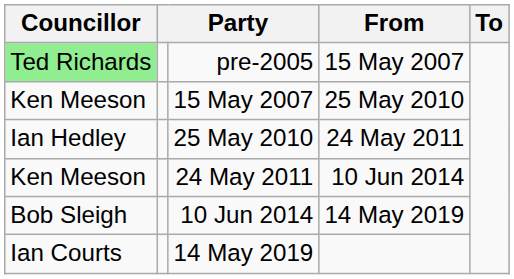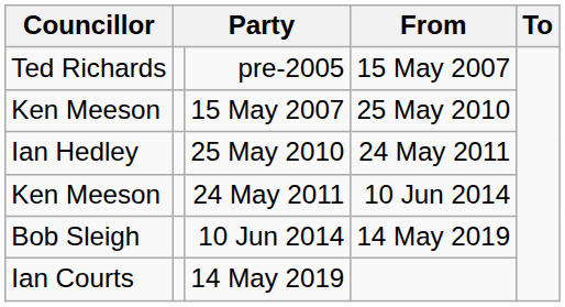 <table class=wikitable>
 <tr>
 <th>Councillor</th>
 <th colspan=2>Party</th>
 <th>From</th>
 <th>To</th>
 </tr>
 <tr>
-<td style="background: lightgreen;">Ted Richards</td>
+<td>Ted Richards</td>
 <td></td>
 <td align=right>pre-2005</td>
 <td align=right>15 May 2007</td>
 </tr>
 <tr>
 <td>Ken Meeson</td>
 <td></td>
 <td align=right>15 May 2007</td>
 <td align=right>25 May 2010</td>
 </tr>
 <tr>
 <td>Ian Hedley</td>
 <td></td>
 <td align=right>25 May 2010</td>
 <td align=right>24 May 2011</td>
 </tr>
 <tr>
 <td>Ken Meeson</td>
 <td></td>
 <td align=right>24 May 2011</td>
 <td align=right>10 Jun 2014</td>
 </tr>
 <tr>
 <td>Bob Sleigh</td>
 <td></td>
 <td align=right>10 Jun 2014</td>
 <td align=right>14 May 2019</td>
 </tr>
 <tr>
 <td>Ian Courts</td>
 <td></td>
 <td align=right>14 May 2019</td>
 <td align=right></td>
 </tr>
 </table>
